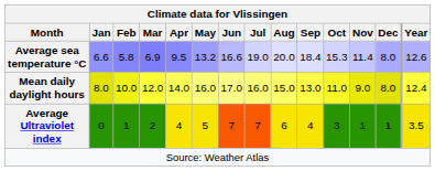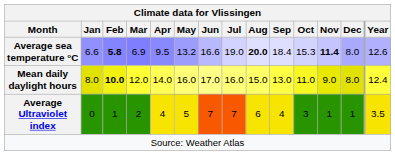 <table style="width:100%;text-align:center;line-height:1.2em;margin-left:auto;margin-right:auto" class="wikitable mw-collapsible">
 <tr>
 <th Colspan=14>Climate data for Vlissingen</th>
 </tr>
 <tr>
 <th>Month</th>
 <th>Jan</th>
 <th>Feb</th>
 <th>Mar</th>
 <th>Apr</th>
 <th>May</th>
 <th>Jun</th>
 <th>Jul</th>
 <th>Aug</th>
 <th>Sep</th>
 <th>Oct</th>
 <th>Nov</th>
 <th>Dec</th>
 <th style="border-left-width:medium">Year</th>
 </tr>
 <tr>
 <th>Average sea temperature °C</th>
 <td style="background:#9090FF;color:#000000;">6.6<br></td>
-<td style="background:#8484FF;color:#000000;">5.8<br></td>
+<td style="background:#8484FF;color:#000000;"><strong>5.8<br></strong></td>
 <td style="background:#7E7EFF;color:#000000;">6.9<br></td>
 <td style="background:#8888FF;color:#000000;">9.5<br></td>
 <td style="background:#9C9CFF;color:#000000;">13.2<br></td>
 <td style="background:#B8B8FF;color:#000000;">16.6<br></td>
 <td style="background:#D3D3FF;color:#000000;">19.0<br></td>
-<td style="background:#DFDFFF;color:#000000;">20.0<br></td>
+<td style="background:#DFDFFF;color:#000000;"><strong>20.0<br></strong></td>
 <td style="background:#DEDEFF;color:#000000;">18.4<br></td>
 <td style="background:#D3D3FF;color:#000000;">15.3<br></td>
-<td style="background:#C4C4FF;color:#000000;">11.4<br></td>
+<td style="background:#C4C4FF;color:#000000;"><strong>11.4<br></strong></td>
 <td style="background:#A9A9FF;color:#000000;">8.0<br></td>
 <td style="background:#B0B0FF;color:#000000;border-left-width:medium">12.6<br></td>
 </tr>
 <tr>
 <th>Mean daily daylight hours</th>
 <td style="background:#E2E200;color:#000000;">8.0</td>
-<td style="background:#F0F011;color:#000000;">10.0</td>
+<td style="background:#F0F011;color:#000000;"><strong>10.0</strong></td>
 <td style="background:#FFFF33;color:#000000;">12.0</td>
 <td style="background:#FFFF55;color:#000000;">14.0</td>
 <td style="background:#FFFF77;color:#000000;">16.0</td>
 <td style="background:#FFFF88;color:#000000;">17.0</td>
 <td style="background:#FFFF77;color:#000000;">16.0</td>
 <td style="background:#FFFF66;color:#000000;">15.0</td>
 <td style="background:#FFFF44;color:#000000;">13.0</td>
 <td style="background:#F7F722;color:#000000;">11.0</td>
 <td style="background:#E9E900;color:#000000;">9.0</td>
 <td style="background:#E2E200;color:#000000;">8.0</td>
 <td style="background:#FFFF3A;color:#000000;border-left-width:medium">12.4</td>
 </tr>
 <tr>
 <th>Average <a href='#'>Ultraviolet index</a></th>
 <td style="background:#289500;color:#000000;">0</td>
 <td style="background:#289500;color:#000000;">1</td>
 <td style="background:#289500;color:#000000;">2</td>
 <td style="background:#f7e400;color:#000000;">4</td>
 <td style="background:#f7e400;color:#000000;">5</td>
 <td style="background:#f85900;color:#000000;">7</td>
 <td style="background:#f85900;color:#000000;">7</td>
 <td style="background:#f7e400;color:#000000;">6</td>
 <td style="background:#f7e400;color:#000000;">4</td>
 <td style="background:#289500;color:#000000;">3</td>
 <td style="background:#289500;color:#000000;">1</td>
 <td style="background:#289500;color:#000000;">1</td>
 <td style="background:#f7e400;color:#000000;border-left-width:medium">3.5</td>
 </tr>
 <tr>
 <th Colspan=14 style="background:#f8f9fa;font-weight:normal;font-size:95%;">Source: Weather Atlas</th>
 </tr>
 </table>
